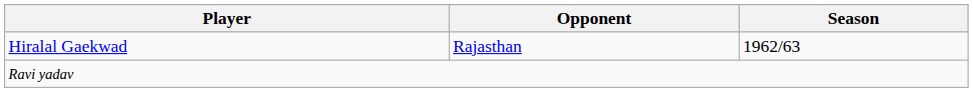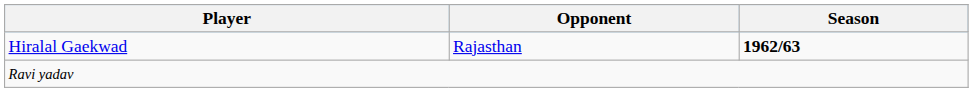 <table class="wikitable" width=70%>
 <tr bgcolor=#87cefa>
 <th>Player</th>
 <th>Opponent</th>
 <th>Season</th>
 </tr>
 <tr>
 <td><a href='#'>Hiralal Gaekwad</a></td>
 <td><a href='#'>Rajasthan</a></td>
-<td>1962/63</td>
+<td><strong>1962/63</strong></td>
 </tr>
 <tr>
 <td colspan=3><small><em>Ravi yadav</em></small></td>
 </tr>
 </table>
